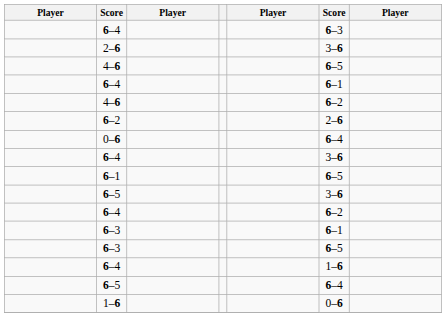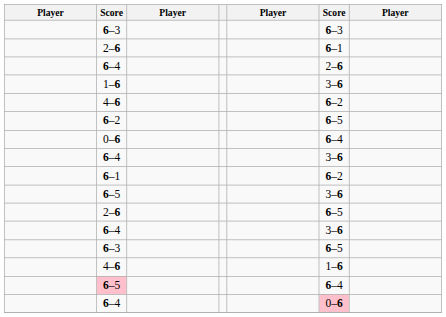 <table class="wikitable">
 <tr style="font-size:10pt;font-weight:bold">
 <th width=230>Player</th>
 <th width=40>Score</th>
 <th width=230>Player</th>
 <th width=10></th>
 <th width=230>Player</th>
 <th width=40>Score</th>
 <th width=230>Player</th>
 </tr>
 <tr>
 <td></td>
-<td align=center><strong>6</strong>–4</td>
+<td align=center><strong>6</strong>–3</td>
 <td></td>
 <td></td>
 <td></td>
 <td align=center><strong>6</strong>–3</td>
 <td></td>
 </tr>
 <tr>
 <td {{nowrap></td>
 <td align=center>2–<strong>6</strong></td>
 <td></td>
 <td></td>
 <td></td>
-<td align=center>3–<strong>6</strong></td>
-<td></td>
-</tr>
-<tr>
-<td></td>
-<td align=center>4–<strong>6</strong></td>
-<td></td>
-<td></td>
-<td></td>
-<td align=center><strong>6</strong>–5</td>
+<td align=center><strong>6</strong>–1</td>
 <td></td>
 </tr>
 <tr>
 <td></td>
 <td align=center><strong>6</strong>–4</td>
 <td></td>
 <td></td>
 <td></td>
-<td align=center><strong>6</strong>–1</td>
+<td align=center>2–<strong>6</strong></td>
+<td></td>
+</tr>
+<tr>
+<td></td>
+<td align=center>1–<strong>6</strong></td>
+<td></td>
+<td></td>
+<td></td>
+<td align=center>3–<strong>6</strong></td>
 <td></td>
 </tr>
 <tr>
 <td></td>
 <td align=center>4–<strong>6</strong></td>
 <td></td>
 <td></td>
 <td></td>
 <td align=center><strong>6</strong>–2</td>
 <td></td>
 </tr>
 <tr>
 <td></td>
 <td align=center><strong>6</strong>–2</td>
 <td></td>
 <td></td>
 <td></td>
-<td align=center>2–<strong>6</strong></td>
+<td align=center><strong>6</strong>–5</td>
 <td></td>
 </tr>
 <tr>
 <td></td>
 <td align=center>0–<strong>6</strong></td>
 <td></td>
 <td></td>
 <td></td>
 <td align=center><strong>6</strong>–4</td>
 <td></td>
 </tr>
 <tr>
 <td></td>
 <td align=center><strong>6</strong>–4</td>
 <td></td>
 <td></td>
 <td></td>
 <td align=center>3–<strong>6</strong></td>
 <td></td>
 </tr>
 <tr>
 <td></td>
 <td align=center><strong>6</strong>–1</td>
 <td></td>
 <td></td>
 <td></td>
-<td align=center><strong>6</strong>–5</td>
+<td align=center><strong>6</strong>–2</td>
 <td></td>
 </tr>
 <tr>
 <td></td>
 <td align=center><strong>6</strong>–5</td>
 <td></td>
 <td></td>
 <td></td>
 <td align=center>3–<strong>6</strong></td>
 <td></td>
 </tr>
 <tr>
 <td></td>
+<td align=center>2–<strong>6</strong></td>
+<td></td>
+<td></td>
+<td></td>
+<td align=center><strong>6</strong>–5</td>
+<td></td>
+</tr>
+<tr>
+<td></td>
 <td align=center><strong>6</strong>–4</td>
 <td></td>
 <td></td>
 <td></td>
-<td align=center><strong>6</strong>–2</td>
-<td></td>
-</tr>
-<tr>
-<td></td>
-<td align=center><strong>6</strong>–3</td>
-<td></td>
-<td></td>
-<td></td>
-<td align=center><strong>6</strong>–1</td>
+<td align=center>3–<strong>6</strong></td>
 <td></td>
 </tr>
 <tr>
 <td></td>
 <td align=center><strong>6</strong>–3</td>
 <td></td>
 <td></td>
 <td></td>
 <td align=center><strong>6</strong>–5</td>
 <td></td>
 </tr>
 <tr>
 <td></td>
-<td align=center><strong>6</strong>–4</td>
+<td align=center>4–<strong>6</strong></td>
 <td></td>
 <td></td>
 <td></td>
 <td align=center>1–<strong>6</strong></td>
 <td></td>
 </tr>
 <tr>
 <td></td>
-<td align=center><strong>6</strong>–5</td>
+<td align=center style="background: pink;"><strong>6</strong>–5</td>
 <td></td>
 <td></td>
 <td></td>
 <td align=center><strong>6</strong>–4</td>
 <td></td>
 </tr>
 <tr>
 <td></td>
-<td align=center>1–<strong>6</strong></td>
+<td align=center><strong>6</strong>–4</td>
 <td></td>
 <td></td>
 <td></td>
-<td align=center>0–<strong>6</strong></td>
+<td align=center style="background: pink;">0–<strong>6</strong></td>
 <td></td>
 </tr>
 <tr>
 </tr>
 </table>
